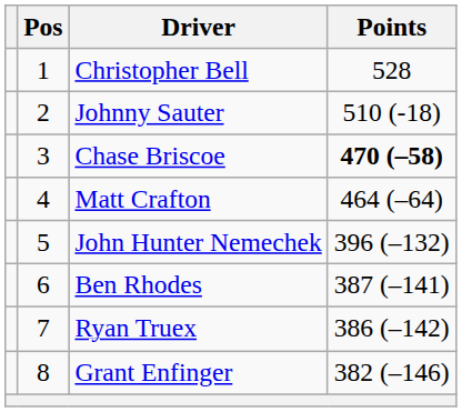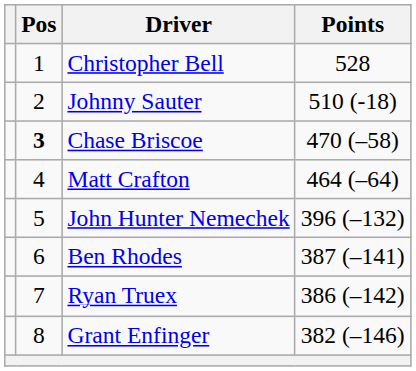 <table class="wikitable" style="font-size: 95%;">
 <tr>
 <th></th>
 <th>Pos</th>
 <th>Driver</th>
 <th>Points</th>
 </tr>
 <tr>
 <td align="left"></td>
 <td style="text-align:center;">1</td>
 <td><a href='#'>Christopher Bell</a></td>
 <td style="text-align:center;">528</td>
 </tr>
 <tr>
 <td align="left"></td>
 <td style="text-align:center;">2</td>
 <td><a href='#'>Johnny Sauter</a></td>
 <td style="text-align:center;">510 (-18)</td>
 </tr>
 <tr>
 <td align="left"></td>
-<td style="text-align:center;">3</td>
+<td style="text-align:center;"><strong>3</strong></td>
 <td><a href='#'>Chase Briscoe</a></td>
-<td style="text-align:center;"><strong>470 (–58)</strong></td>
+<td style="text-align:center;">470 (–58)</td>
 </tr>
 <tr>
 <td align="left"></td>
 <td style="text-align:center;">4</td>
 <td><a href='#'>Matt Crafton</a></td>
 <td style="text-align:center;">464 (–64)</td>
 </tr>
 <tr>
 <td align="left"></td>
 <td style="text-align:center;">5</td>
 <td><a href='#'>John Hunter Nemechek</a></td>
 <td style="text-align:center;">396 (–132)</td>
 </tr>
 <tr>
 <td align="left"></td>
 <td style="text-align:center;">6</td>
 <td><a href='#'>Ben Rhodes</a></td>
 <td style="text-align:center;">387 (–141)</td>
 </tr>
 <tr>
 <td align="left"></td>
 <td style="text-align:center;">7</td>
 <td><a href='#'>Ryan Truex</a></td>
 <td style="text-align:center;">386 (–142)</td>
 </tr>
 <tr>
 <td align="left"></td>
 <td style="text-align:center;">8</td>
 <td><a href='#'>Grant Enfinger</a></td>
 <td style="text-align:center;">382 (–146)</td>
 </tr>
 <tr class="sortbottom">
 <th colspan="9"></th>
 </tr>
 </table>
